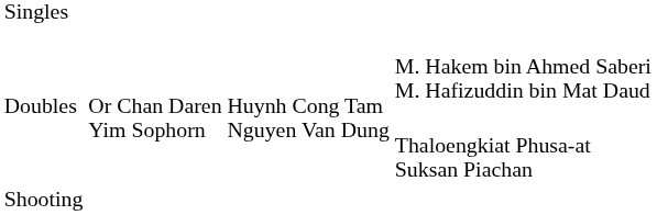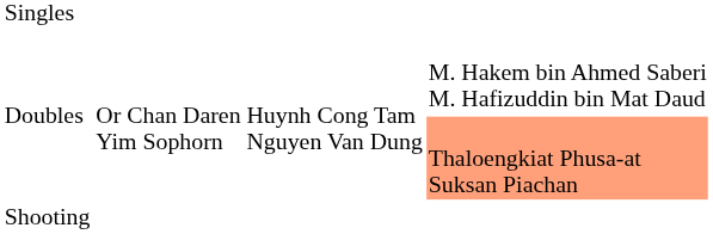 <table>
 <tr>
 <td rowspan=2>Singles</td>
 <td rowspan=2></td>
 <td rowspan=2></td>
 <td></td>
 </tr>
 <tr>
 <td></td>
 </tr>
 <tr>
 <td rowspan=2>Doubles</td>
 <td rowspan=2><br>Or Chan Daren<br>Yim Sophorn</td>
 <td rowspan=2><br>Huynh Cong Tam<br>Nguyen Van Dung</td>
 <td><br>M. Hakem bin Ahmed Saberi<br>M. Hafizuddin bin Mat Daud</td>
 </tr>
 <tr>
-<td><br>Thaloengkiat Phusa-at<br>Suksan Piachan</td>
+<td style="background: lightsalmon;"><br>Thaloengkiat Phusa-at<br>Suksan Piachan</td>
 </tr>
 <tr>
 <td rowspan=2>Shooting</td>
 <td rowspan=2></td>
 <td rowspan=2></td>
 <td></td>
 </tr>
 <tr>
 <td></td>
 </tr>
 </table>
